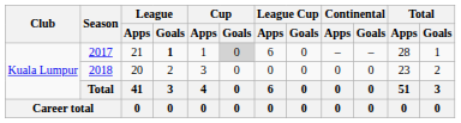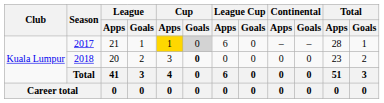 <table class="wikitable" style="text-align: center;">
 <tr>
 <th rowspan="2">Club</th>
 <th rowspan="2">Season</th>
 <th colspan="2">League</th>
 <th colspan="2">Cup</th>
 <th colspan="2">League Cup</th>
 <th colspan="2">Continental</th>
 <th colspan="2">Total</th>
 </tr>
 <tr>
 <th>Apps</th>
 <th>Goals</th>
 <th>Apps</th>
 <th>Goals</th>
 <th>Apps</th>
 <th>Goals</th>
 <th>Apps</th>
 <th>Goals</th>
 <th>Apps</th>
 <th>Goals</th>
 </tr>
 <tr>
 <td rowspan="3" valign="center"><a href='#'>Kuala Lumpur</a></td>
 <td><a href='#'>2017</a></td>
 <td>21</td>
-<td><strong>1</strong></td>
 <td>1</td>
+<td style="background: gold;">1</td>
 <td style="background: lightgrey;">0</td>
 <td>6</td>
 <td>0</td>
 <td>–</td>
 <td>–</td>
 <td>28</td>
 <td>1</td>
 </tr>
 <tr>
 <td><a href='#'>2018</a></td>
 <td>20</td>
 <td>2</td>
 <td>3</td>
-<td>0</td>
+<td><strong>0</strong></td>
 <td>0</td>
 <td>0</td>
 <td>0</td>
 <td>0</td>
 <td>23</td>
 <td>2</td>
 </tr>
 <tr>
 <th>Total</th>
 <th>41</th>
 <th>3</th>
 <th>4</th>
 <th>0</th>
 <th>6</th>
 <th>0</th>
 <th>0</th>
 <th>0</th>
 <th>51</th>
 <th>3</th>
 </tr>
 <tr>
 <th colspan="2">Career total</th>
 <th>0</th>
 <th>0</th>
 <th>0</th>
 <th>0</th>
 <th>0</th>
 <th>0</th>
 <th>0</th>
 <th>0</th>
 <th>0</th>
 <th>0</th>
 </tr>
 </table>
